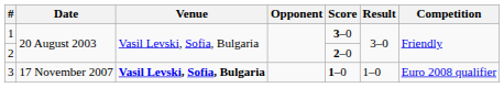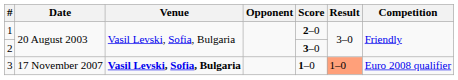 <table class="wikitable collapsible">
 <tr>
 <th>#</th>
 <th>Date</th>
 <th>Venue</th>
 <th>Opponent</th>
 <th>Score</th>
 <th>Result</th>
 <th>Competition</th>
 </tr>
 <tr>
 <td>1</td>
 <td rowspan="2">20 August 2003</td>
 <td rowspan="2"><a href='#'>Vasil Levski</a>, <a href='#'>Sofia</a>, Bulgaria</td>
 <td rowspan="2"></td>
-<td align=center><strong>3</strong>–0</td>
+<td align=center><strong>2</strong>–0</td>
 <td align=center rowspan="2">3–0</td>
 <td rowspan="2"><a href='#'>Friendly</a></td>
 </tr>
 <tr>
 <td>2</td>
-<td align=center><strong>2</strong>–0</td>
+<td align=center><strong>3</strong>–0</td>
 </tr>
 <tr>
 <td>3</td>
 <td>17 November 2007</td>
 <td><strong><a href='#'>Vasil Levski</a>, <a href='#'>Sofia</a>, Bulgaria</strong></td>
 <td></td>
 <td><strong>1</strong>–0</td>
-<td>1–0</td>
+<td style="background: lightsalmon;">1–0</td>
 <td><a href='#'>Euro 2008 qualifier</a></td>
 </tr>
 </table>
